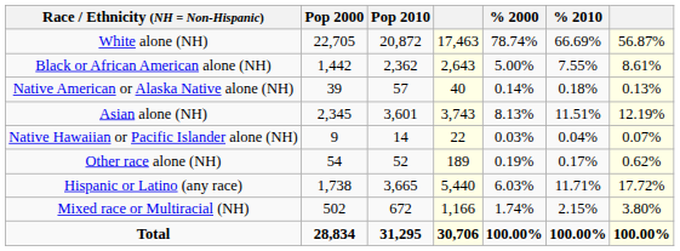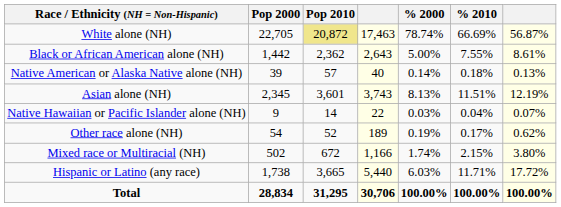 <table class="wikitable" style="text-align:center;">
 <tr>
 <th>Race / Ethnicity <small>(<em>NH = Non-Hispanic</em>)</small></th>
 <th>Pop 2000</th>
 <th>Pop 2010</th>
 <th></th>
 <th>% 2000</th>
 <th>% 2010</th>
 <th></th>
 </tr>
 <tr>
 <td><a href='#'>White</a> alone (NH)</td>
 <td>22,705</td>
-<td>20,872</td>
+<td style="background: khaki;">20,872</td>
 <td style='background: #ffffe6;'>17,463</td>
 <td>78.74%</td>
 <td>66.69%</td>
 <td style='background: #ffffe6;'>56.87%</td>
 </tr>
 <tr>
 <td><a href='#'>Black or African American</a> alone (NH)</td>
 <td>1,442</td>
 <td>2,362</td>
 <td style='background: #ffffe6;'>2,643</td>
 <td>5.00%</td>
 <td>7.55%</td>
 <td style='background: #ffffe6;'>8.61%</td>
 </tr>
 <tr>
 <td><a href='#'>Native American</a> or <a href='#'>Alaska Native</a> alone (NH)</td>
 <td>39</td>
 <td>57</td>
 <td style='background: #ffffe6;'>40</td>
 <td>0.14%</td>
 <td>0.18%</td>
 <td style='background: #ffffe6;'>0.13%</td>
 </tr>
 <tr>
 <td><a href='#'>Asian</a> alone (NH)</td>
 <td>2,345</td>
 <td>3,601</td>
 <td style='background: #ffffe6;'>3,743</td>
 <td>8.13%</td>
 <td>11.51%</td>
 <td style='background: #ffffe6;'>12.19%</td>
 </tr>
 <tr>
 <td><a href='#'>Native Hawaiian</a> or <a href='#'>Pacific Islander</a> alone (NH)</td>
 <td>9</td>
 <td>14</td>
 <td style='background: #ffffe6;'>22</td>
 <td>0.03%</td>
 <td>0.04%</td>
 <td style='background: #ffffe6;'>0.07%</td>
 </tr>
 <tr>
 <td><a href='#'>Other race</a> alone (NH)</td>
 <td>54</td>
 <td>52</td>
 <td style='background: #ffffe6;'>189</td>
 <td>0.19%</td>
 <td>0.17%</td>
 <td style='background: #ffffe6;'>0.62%</td>
 </tr>
 <tr>
+<td><a href='#'>Mixed race or Multiracial</a> (NH)</td>
+<td>502</td>
+<td>672</td>
+<td style='background: #ffffe6;'>1,166</td>
+<td>1.74%</td>
+<td>2.15%</td>
+<td style='background: #ffffe6;'>3.80%</td>
+</tr>
+<tr>
 <td><a href='#'>Hispanic or Latino</a> (any race)</td>
 <td>1,738</td>
 <td>3,665</td>
 <td style='background: #ffffe6;'>5,440</td>
 <td>6.03%</td>
 <td>11.71%</td>
 <td style='background: #ffffe6;'>17.72%</td>
-</tr>
-<tr>
-<td><a href='#'>Mixed race or Multiracial</a> (NH)</td>
-<td>502</td>
-<td>672</td>
-<td style='background: #ffffe6;'>1,166</td>
-<td>1.74%</td>
-<td>2.15%</td>
-<td style='background: #ffffe6;'>3.80%</td>
 </tr>
 <tr>
 <td><strong>Total</strong></td>
 <td><strong>28,834</strong></td>
 <td><strong>31,295</strong></td>
 <td style='background: #ffffe6;'><strong>30,706</strong></td>
 <td><strong>100.00%</strong></td>
 <td><strong>100.00%</strong></td>
 <td style='background: #ffffe6;'><strong>100.00%</strong></td>
 </tr>
 </table>
